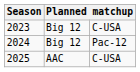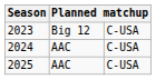 <table class = "wikitable floatleft" style="font-size: 95%;">
 <tr>
 <th>Season</th>
 <th colspan=2>Planned matchup</th>
 </tr>
 <tr>
 <td>2023</td>
 <td>Big 12</td>
 <td>C-USA</td>
 </tr>
 <tr>
 <td>2024</td>
-<td>Big 12</td>
-<td>Pac-12</td>
+<td>AAC</td>
+<td>C-USA</td>
 </tr>
 <tr>
 <td>2025</td>
 <td>AAC</td>
 <td>C-USA</td>
 </tr>
 </table>
